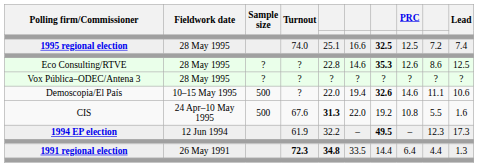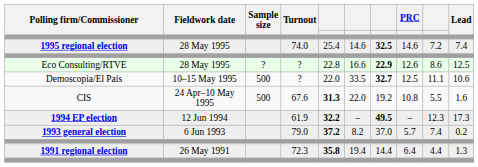 <table class="wikitable collapsible collapsed" style="text-align:center; font-size:95%; line-height:16px;">
 <tr style="height:42px;">
 <th style="width:250px;" rowspan="2">Polling firm/Commissioner</th>
 <th style="width:125px;" rowspan="2">Fieldwork date</th>
 <th style="width:50px;" rowspan="2">Sample size</th>
 <th style="width:45px;" rowspan="2">Turnout</th>
 <th style="width:35px;"></th>
 <th style="width:35px;"></th>
 <th style="width:35px;"></th>
 <th style="width:35px;"><a href='#'>PRC</a></th>
 <th style="width:35px;"></th>
 <th style="width:30px;" rowspan="2">Lead</th>
 </tr>
 <tr>
 <th style="color:inherit;background:"></th>
 <th style="color:inherit;background:"></th>
 <th style="color:inherit;background:"></th>
 <th style="color:inherit;background:"></th>
 <th style="color:inherit;background:"></th>
 </tr>
 <tr>
 <td colspan="10" style="background:#A0A0A0"></td>
 </tr>
 <tr style="background:#EFEFEF;">
 <td><strong><a href='#'>1995 regional election</a></strong></td>
 <td>28 May 1995</td>
 <td></td>
 <td>74.0</td>
-<td>25.1<br></td>
-<td>16.6<br></td>
+<td>25.4<br></td>
+<td>14.6<br></td>
 <td><strong>32.5</strong><br></td>
-<td>12.5<br></td>
+<td>14.6<br></td>
 <td>7.2<br></td>
 <td style="background:">7.4</td>
 </tr>
 <tr>
 <td colspan="10" style="background:#A0A0A0"></td>
 </tr>
 <tr style="background:#EAFFEA;">
 <td>Eco Consulting/RTVE</td>
 <td>28 May 1995</td>
 <td>?</td>
 <td>?</td>
 <td>22.8<br></td>
-<td>14.6<br></td>
-<td><strong>35.3</strong><br></td>
+<td>16.6<br></td>
+<td><strong>22.9</strong><br></td>
 <td>12.6<br></td>
 <td>8.6<br></td>
 <td style="background:">12.5</td>
-</tr>
-<tr style="background:#EAFFEA;">
-<td>Vox Pública–ODEC/Antena 3</td>
-<td>28 May 1995</td>
-<td>?</td>
-<td>?</td>
-<td>?<br></td>
-<td>?<br></td>
-<td>?<br></td>
-<td>?<br></td>
-<td>?<br></td>
-<td style="background:">?</td>
 </tr>
 <tr>
 <td>Demoscopia/El País</td>
 <td>10–15 May 1995</td>
 <td>500</td>
 <td>?</td>
 <td>22.0<br></td>
-<td>19.4<br></td>
-<td><strong>32.6</strong><br></td>
-<td>14.6<br></td>
+<td>33.5<br></td>
+<td><strong>32.7</strong><br></td>
+<td>12.5<br></td>
 <td>11.1<br></td>
 <td style="background:">10.6</td>
 </tr>
 <tr>
 <td>CIS</td>
 <td>24 Apr–10 May 1995</td>
 <td>500</td>
 <td>67.6</td>
 <td><strong>31.3</strong></td>
 <td>22.0</td>
 <td>19.2</td>
 <td>10.8</td>
 <td>5.5</td>
 <td style="background:">1.6</td>
 </tr>
 <tr style="background:#EFEFEF;">
 <td><strong><a href='#'>1994 EP election</a></strong></td>
 <td>12 Jun 1994</td>
 <td></td>
 <td>61.9</td>
-<td>32.2<br></td>
+<td><strong>32.2<br></strong></td>
 <td>–</td>
 <td><strong>49.5</strong><br></td>
 <td>–</td>
 <td>12.3<br></td>
 <td style="background:">17.3</td>
+</tr>
+<tr style="background:#EFEFEF;">
+<td><strong><a href='#'>1993 general election</a></strong></td>
+<td>6 Jun 1993</td>
+<td></td>
+<td>79.0</td>
+<td><strong>37.2</strong><br></td>
+<td>8.2<br></td>
+<td>37.0<br></td>
+<td>5.7<br></td>
+<td>7.4<br></td>
+<td style="background:">0.2</td>
 </tr>
 <tr>
 <td colspan="10" style="background:#A0A0A0"></td>
 </tr>
 <tr style="background:#EFEFEF;">
 <td><strong><a href='#'>1991 regional election</a></strong></td>
 <td>26 May 1991</td>
 <td></td>
-<td><strong>72.3</strong></td>
-<td><strong>34.8</strong><br></td>
-<td>33.5<br></td>
+<td>72.3</td>
+<td><strong>35.8</strong><br></td>
+<td>19.4<br></td>
 <td>14.4<br></td>
 <td>6.4<br></td>
 <td>4.4<br></td>
 <td style="background:">1.3</td>
 </tr>
 <tr>
 <td colspan="10" style="background:#A0A0A0"></td>
 </tr>
 </table>
